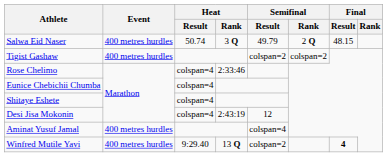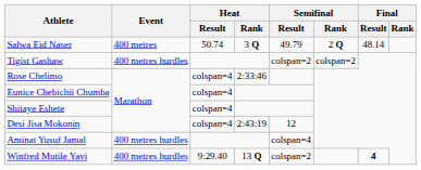 <table class="wikitable"  style=font-size:90%>
 <tr>
 <th rowspan="2">Athlete</th>
 <th rowspan="2">Event</th>
 <th colspan="2">Heat</th>
 <th colspan="2">Semifinal</th>
 <th colspan="2">Final</th>
 </tr>
 <tr>
 <th>Result</th>
 <th>Rank</th>
 <th>Result</th>
 <th>Rank</th>
 <th>Result</th>
 <th>Rank</th>
 </tr>
 <tr style=text-align:center>
 <td style=text-align:left><a href='#'>Salwa Eid Naser</a></td>
-<td style=text-align:left><a href='#'>400 metres hurdles</a></td>
+<td style=text-align:left><a href='#'>400 metres</a></td>
 <td>50.74</td>
 <td>3 <strong>Q</strong></td>
 <td>49.79</td>
 <td>2 <strong>Q</strong></td>
-<td>48.15 </td>
+<td>48.14 </td>
 <td></td>
 </tr>
 <tr style=text-align:center>
 <td style=text-align:left><a href='#'>Tigist Gashaw</a></td>
 <td style=text-align:left><a href='#'>400 metres hurdles</a></td>
 <td colspan=2></td>
 <td>colspan=2</td>
 <td>colspan=2</td>
 </tr>
 <tr style=text-align:center>
 <td style=text-align:left><a href='#'>Rose Chelimo</a></td>
 <td style=text-align:left rowspan=4><a href='#'>Marathon</a></td>
 <td>colspan=4</td>
 <td>2:33:46</td>
 <td></td>
 </tr>
 <tr style=text-align:center>
 <td style=text-align:left><a href='#'>Eunice Chebichii Chumba</a></td>
 <td>colspan=4</td>
 <td colspan=2></td>
 </tr>
 <tr style=text-align:center>
 <td style=text-align:left><a href='#'>Shitaye Eshete</a></td>
 <td>colspan=4</td>
 <td colspan=2></td>
 </tr>
 <tr style=text-align:center>
 <td style=text-align:left><a href='#'>Desi Jisa Mokonin</a></td>
 <td>colspan=4</td>
 <td>2:43:19</td>
 <td>12</td>
 </tr>
 <tr style=text-align:center>
 <td style=text-align:left><a href='#'>Aminat Yusuf Jamal</a></td>
 <td style=text-align:left><a href='#'>400 metres hurdles</a></td>
 <td colspan=2></td>
 <td>colspan=4</td>
 </tr>
 <tr style=text-align:center>
 <td style=text-align:left><a href='#'>Winfred Mutile Yavi</a></td>
 <td style=text-align:left><a href='#'>400 metres hurdles</a></td>
 <td>9:29.40</td>
 <td>13 <strong>Q</strong></td>
 <td>colspan=2</td>
 <td 9:05.68></td>
 <td><strong>4</strong></td>
 </tr>
 </table>
